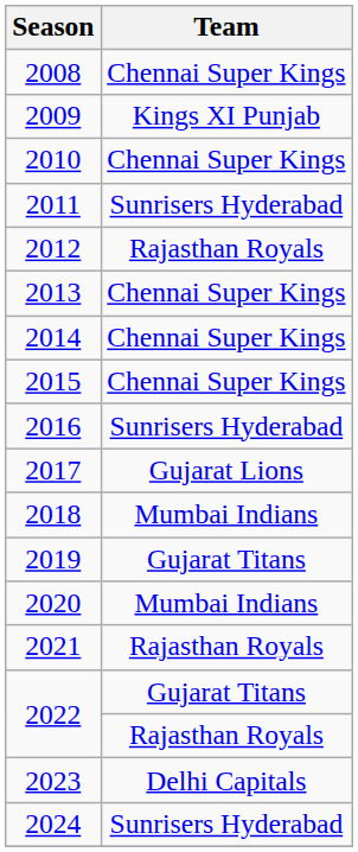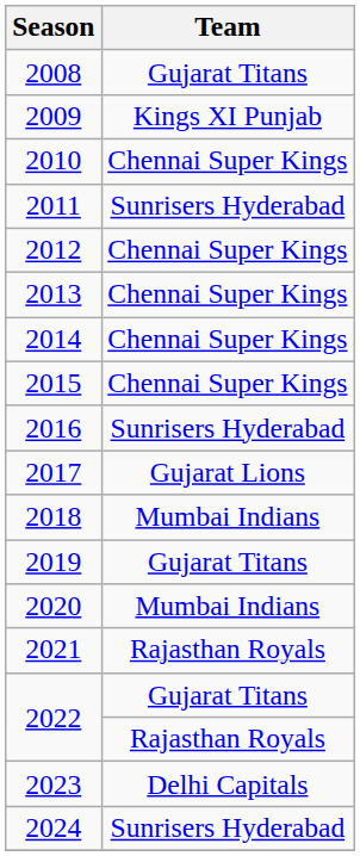 <table class="wikitable" style="text-align:center">
 <tr>
 <th>Season</th>
 <th>Team</th>
 </tr>
 <tr>
 <td><a href='#'>2008</a></td>
-<td><a href='#'>Chennai Super Kings</a></td>
+<td><a href='#'>Gujarat Titans</a></td>
 </tr>
 <tr>
 <td><a href='#'>2009</a></td>
 <td><a href='#'>Kings XI Punjab</a></td>
 </tr>
 <tr>
 <td><a href='#'>2010</a></td>
 <td><a href='#'>Chennai Super Kings</a></td>
 </tr>
 <tr>
 <td><a href='#'>2011</a></td>
 <td><a href='#'>Sunrisers Hyderabad</a></td>
 </tr>
 <tr>
 <td><a href='#'>2012</a></td>
-<td><a href='#'>Rajasthan Royals</a></td>
+<td><a href='#'>Chennai Super Kings</a></td>
 </tr>
 <tr>
 <td><a href='#'>2013</a></td>
 <td><a href='#'>Chennai Super Kings</a></td>
 </tr>
 <tr>
 <td><a href='#'>2014</a></td>
 <td><a href='#'>Chennai Super Kings</a></td>
 </tr>
 <tr>
 <td><a href='#'>2015</a></td>
 <td><a href='#'>Chennai Super Kings</a></td>
 </tr>
 <tr>
 <td><a href='#'>2016</a></td>
 <td><a href='#'>Sunrisers Hyderabad</a></td>
 </tr>
 <tr>
 <td><a href='#'>2017</a></td>
 <td><a href='#'>Gujarat Lions</a></td>
 </tr>
 <tr>
 <td><a href='#'>2018</a></td>
 <td><a href='#'>Mumbai Indians</a></td>
 </tr>
 <tr>
 <td><a href='#'>2019</a></td>
 <td><a href='#'>Gujarat Titans</a></td>
 </tr>
 <tr>
 <td><a href='#'>2020</a></td>
 <td><a href='#'>Mumbai Indians</a></td>
 </tr>
 <tr>
 <td><a href='#'>2021</a></td>
 <td><a href='#'>Rajasthan Royals</a></td>
 </tr>
 <tr>
 <td rowspan="2"><a href='#'>2022</a></td>
 <td><a href='#'>Gujarat Titans</a></td>
 </tr>
 <tr>
 <td><a href='#'>Rajasthan Royals</a></td>
 </tr>
 <tr>
 <td><a href='#'>2023</a></td>
 <td><a href='#'>Delhi Capitals</a></td>
 </tr>
 <tr>
 <td><a href='#'>2024</a></td>
 <td><a href='#'>Sunrisers Hyderabad</a></td>
 </tr>
 <tr>
 </tr>
 </table>
